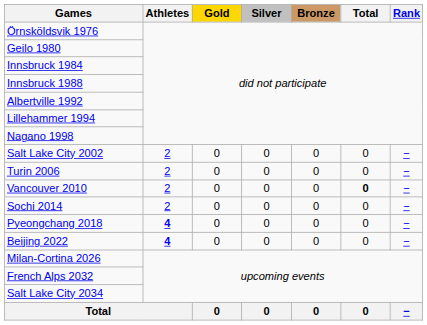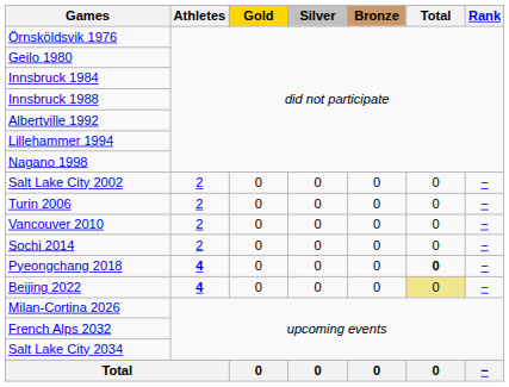 <table class="wikitable" style="text-align:center; font-size:90%;">
 <tr>
 <th style="width:12em;">Games</th>
 <th style="width:4em;">Athletes</th>
 <th style="width:4em; background:gold;">Gold</th>
 <th style="width:4em; background:silver;">Silver</th>
 <th style="width:4em; background:#cc9966;">Bronze</th>
 <th style="width:4em;">Total</th>
 <th style="width:2em;"><a href='#'>Rank</a></th>
 </tr>
 <tr>
 <td align=left> <a href='#'>Örnsköldsvik 1976</a></td>
 <td colspan=6 rowspan=7><em>did not participate</em></td>
 </tr>
 <tr>
 <td align=left> <a href='#'>Geilo 1980</a></td>
 </tr>
 <tr>
 <td align=left> <a href='#'>Innsbruck 1984</a></td>
 </tr>
 <tr>
 <td align=left> <a href='#'>Innsbruck 1988</a></td>
 </tr>
 <tr>
 <td align=left> <a href='#'>Albertville 1992</a></td>
 </tr>
 <tr>
 <td align=left> <a href='#'>Lillehammer 1994</a></td>
 </tr>
 <tr>
 <td align=left> <a href='#'>Nagano 1998</a></td>
 </tr>
 <tr>
 <td align=left> <a href='#'>Salt Lake City 2002</a></td>
 <td><a href='#'>2</a></td>
 <td>0</td>
 <td>0</td>
 <td>0</td>
 <td>0</td>
 <td><a href='#'>−</a></td>
 </tr>
 <tr>
 <td align=left> <a href='#'>Turin 2006</a></td>
 <td><a href='#'>2</a></td>
 <td>0</td>
 <td>0</td>
 <td>0</td>
 <td>0</td>
 <td><a href='#'>−</a></td>
 </tr>
 <tr>
 <td align=left> <a href='#'>Vancouver 2010</a></td>
 <td><a href='#'>2</a></td>
 <td>0</td>
 <td>0</td>
 <td>0</td>
-<td><strong>0</strong></td>
+<td>0</td>
 <td><a href='#'>−</a></td>
 </tr>
 <tr>
 <td align=left> <a href='#'>Sochi 2014</a></td>
 <td><a href='#'>2</a></td>
 <td>0</td>
 <td>0</td>
 <td>0</td>
 <td>0</td>
 <td><a href='#'>−</a></td>
 </tr>
 <tr>
 <td align=left> <a href='#'>Pyeongchang 2018</a></td>
 <td><a href='#'><strong>4</strong></a></td>
 <td>0</td>
 <td>0</td>
 <td>0</td>
-<td>0</td>
+<td><strong>0</strong></td>
 <td><a href='#'>−</a></td>
 </tr>
 <tr>
 <td align=left> <a href='#'>Beijing 2022</a></td>
 <td><a href='#'><strong>4</strong></a></td>
 <td>0</td>
 <td>0</td>
 <td>0</td>
-<td>0</td>
+<td style="background: khaki;">0</td>
 <td><a href='#'>−</a></td>
 </tr>
 <tr>
 <td align=left> <a href='#'>Milan-Cortina 2026</a></td>
 <td colspan=6 rowspan=3><em>upcoming events</em></td>
 </tr>
 <tr>
 <td align=left> <a href='#'>French Alps 2032</a></td>
 </tr>
 <tr>
 <td align=left> <a href='#'>Salt Lake City 2034</a></td>
 </tr>
 <tr>
 <th colspan=2>Total</th>
 <th>0</th>
 <th>0</th>
 <th>0</th>
 <th>0</th>
 <th><a href='#'>−</a></th>
 </tr>
 </table>
